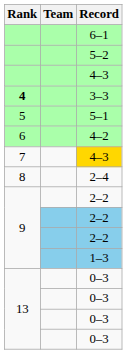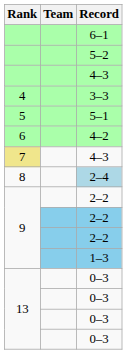 <table class="wikitable">
 <tr>
 <th>Rank</th>
 <th>Team</th>
 <th>Record</th>
 </tr>
 <tr bgcolor="#aaffaa">
 <td align=center></td>
 <td></td>
 <td align=center>6–1</td>
 </tr>
 <tr bgcolor="#aaffaa">
 <td align=center></td>
 <td></td>
 <td align=center>5–2</td>
 </tr>
 <tr bgcolor="#aaffaa">
 <td align=center></td>
 <td></td>
 <td align=center>4–3</td>
 </tr>
 <tr bgcolor="#aaffaa">
-<td align=center><strong>4</strong></td>
+<td align=center>4</td>
 <td></td>
 <td align=center>3–3</td>
 </tr>
 <tr bgcolor="#aaffaa">
 <td align=center>5</td>
 <td></td>
 <td align=center>5–1</td>
 </tr>
 <tr bgcolor="#aaffaa">
 <td align=center>6</td>
 <td></td>
 <td align=center>4–2</td>
 </tr>
 <tr>
-<td align=center>7</td>
+<td align=center style="background: khaki;">7</td>
 <td></td>
-<td align=center style="background: gold;">4–3</td>
+<td align=center>4–3</td>
 </tr>
 <tr>
 <td align=center>8</td>
 <td></td>
-<td align=center>2–4</td>
+<td align=center style="background: lightblue;">2–4</td>
 </tr>
 <tr>
 <td align=center rowspan=4>9</td>
 <td></td>
 <td align=center>2–2</td>
 </tr>
 <tr bgcolor="skyblue">
 <td></td>
 <td align=center>2–2</td>
 </tr>
 <tr bgcolor="skyblue">
 <td></td>
 <td align=center>2–2</td>
 </tr>
 <tr bgcolor="skyblue">
 <td></td>
 <td align=center>1–3</td>
 </tr>
 <tr>
 <td align=center rowspan=4>13</td>
 <td></td>
 <td align=center>0–3</td>
 </tr>
 <tr>
 <td></td>
 <td align=center>0–3</td>
 </tr>
 <tr>
 <td></td>
 <td align=center>0–3</td>
 </tr>
 <tr>
 <td></td>
 <td align=center>0–3</td>
 </tr>
 </table>
